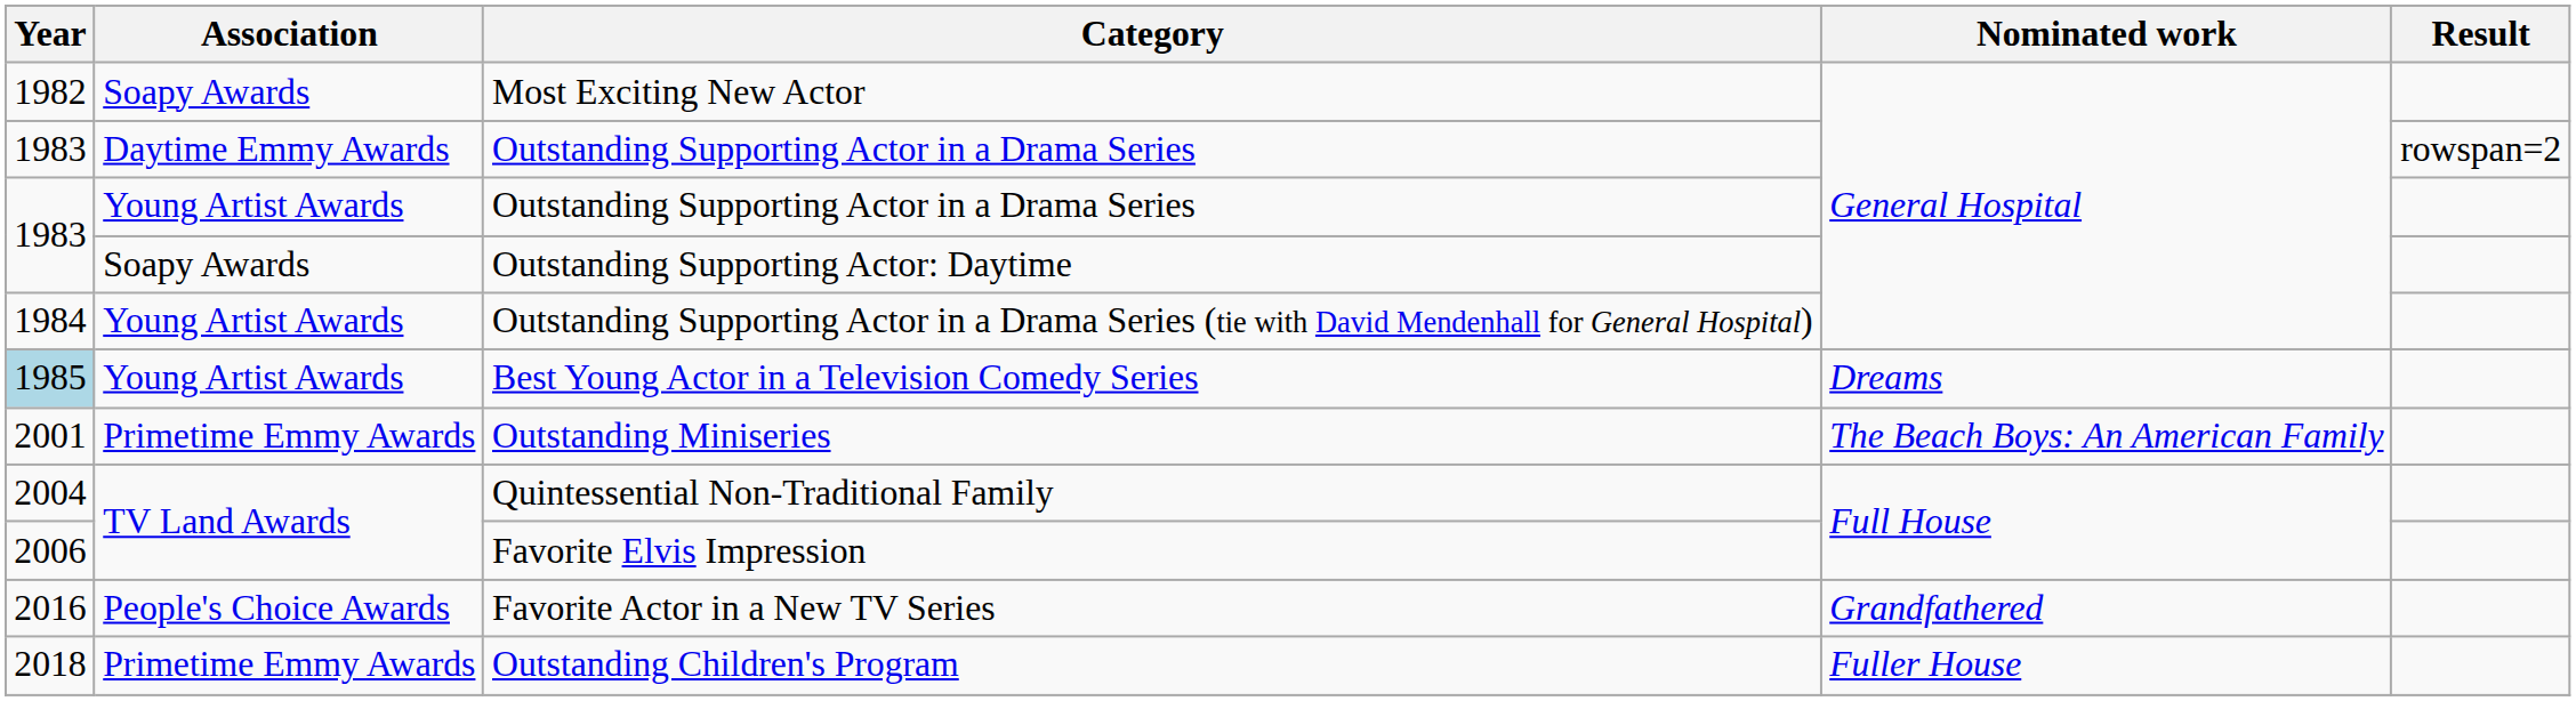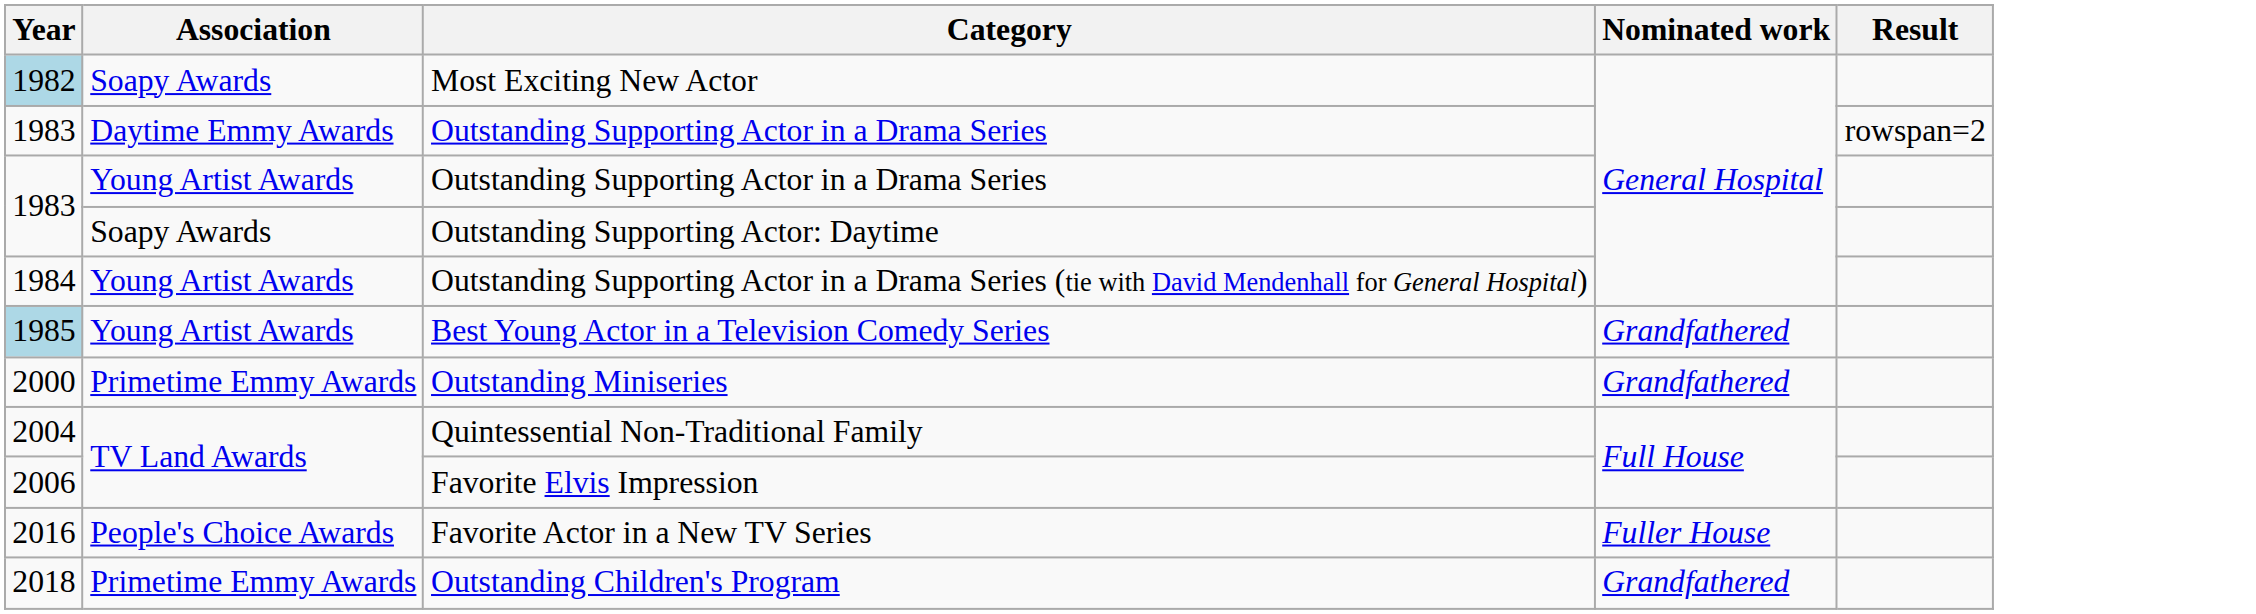 <table class="wikitable sortable">
 <tr>
 <th>Year</th>
 <th>Association</th>
 <th>Category</th>
 <th>Nominated work</th>
 <th>Result</th>
 </tr>
 <tr>
-<td>1982</td>
+<td style="background: lightblue;">1982</td>
 <td><a href='#'>Soapy Awards</a></td>
 <td>Most Exciting New Actor</td>
 <td rowspan="5"><em><a href='#'>General Hospital</a></em></td>
 <td></td>
 </tr>
 <tr>
 <td>1983</td>
 <td><a href='#'>Daytime Emmy Awards</a></td>
 <td><a href='#'>Outstanding Supporting Actor in a Drama Series</a></td>
 <td>rowspan=2 </td>
 </tr>
 <tr>
 <td rowspan="2">1983</td>
 <td><a href='#'>Young Artist Awards</a></td>
 <td>Outstanding Supporting Actor in a Drama Series</td>
 </tr>
 <tr>
 <td>Soapy Awards</td>
 <td>Outstanding Supporting Actor: Daytime</td>
 <td></td>
 </tr>
 <tr>
 <td>1984</td>
 <td><a href='#'>Young Artist Awards</a></td>
 <td>Outstanding Supporting Actor in a Drama Series (<small>tie with <a href='#'>David Mendenhall</a> for <em>General Hospital</em></small>)</td>
 <td></td>
 </tr>
 <tr>
 <td style="background: lightblue;">1985</td>
 <td><a href='#'>Young Artist Awards</a></td>
 <td><a href='#'>Best Young Actor in a Television Comedy Series</a></td>
-<td><em><a href='#'>Dreams</a></em></td>
+<td><em><a href='#'>Grandfathered</a></em></td>
 <td></td>
 </tr>
 <tr>
-<td>2001</td>
+<td>2000</td>
 <td><a href='#'>Primetime Emmy Awards</a></td>
 <td><a href='#'>Outstanding Miniseries</a></td>
-<td><em><a href='#'>The Beach Boys: An American Family</a></em></td>
+<td><em><a href='#'>Grandfathered</a></em></td>
 <td></td>
 </tr>
 <tr>
 <td>2004</td>
 <td rowspan="2"><a href='#'>TV Land Awards</a></td>
 <td>Quintessential Non-Traditional Family</td>
 <td rowspan="2"><em><a href='#'>Full House</a></em></td>
 <td></td>
 </tr>
 <tr>
 <td>2006</td>
 <td>Favorite <a href='#'>Elvis</a> Impression</td>
 <td></td>
 </tr>
 <tr>
 <td>2016</td>
 <td><a href='#'>People's Choice Awards</a></td>
 <td>Favorite Actor in a New TV Series</td>
-<td><em><a href='#'>Grandfathered</a></em></td>
+<td><em><a href='#'>Fuller House</a></em></td>
 <td></td>
 </tr>
 <tr>
 <td>2018</td>
 <td><a href='#'>Primetime Emmy Awards</a></td>
 <td><a href='#'>Outstanding Children's Program</a></td>
-<td><em><a href='#'>Fuller House</a></em></td>
+<td><em><a href='#'>Grandfathered</a></em></td>
 <td></td>
 </tr>
 </table>
